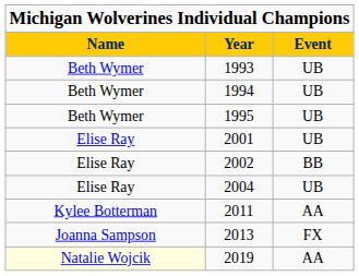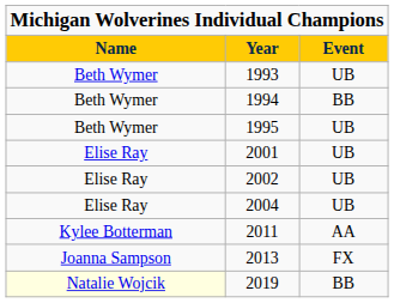 <table style="margin: 1em auto 1em auto" class="wikitable">
 <tr>
 <td colspan=3 align=center><big><span><strong>Michigan Wolverines Individual Champions</strong></span></big></td>
 </tr>
 <tr align="center" valign="top">
 <th style="background:#FFCB05; color:#00274C; text-align:center">Name</th>
 <th style="background:#FFCB05; color:#00274C; text-align:center">Year</th>
 <th style="background:#FFCB05; color:#00274C; text-align:center">Event</th>
 </tr>
 <tr align="center">
 <td><a href='#'>Beth Wymer</a></td>
 <td>1993</td>
 <td>UB</td>
 </tr>
 <tr align="center">
 <td>Beth Wymer</td>
 <td>1994</td>
-<td>UB</td>
+<td>BB</td>
 </tr>
 <tr align="center">
 <td>Beth Wymer</td>
 <td>1995</td>
 <td>UB</td>
 </tr>
 <tr align="center">
 <td><a href='#'>Elise Ray</a></td>
 <td>2001</td>
 <td>UB</td>
 </tr>
 <tr align="center">
 <td>Elise Ray</td>
 <td>2002</td>
-<td>BB</td>
+<td>UB</td>
 </tr>
 <tr align="center">
 <td>Elise Ray</td>
 <td>2004</td>
 <td>UB</td>
 </tr>
 <tr align="center">
 <td><a href='#'>Kylee Botterman</a></td>
 <td>2011</td>
 <td>AA</td>
 </tr>
 <tr align="center">
 <td><a href='#'>Joanna Sampson</a></td>
 <td>2013</td>
 <td>FX</td>
 </tr>
 <tr align="center">
 <td style="background: lightyellow;"><a href='#'>Natalie Wojcik</a></td>
 <td>2019</td>
-<td>AA</td>
+<td>BB</td>
 </tr>
 </table>
